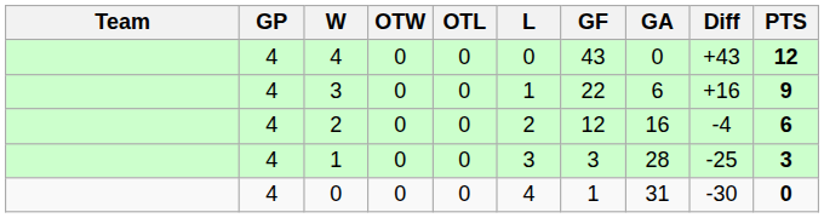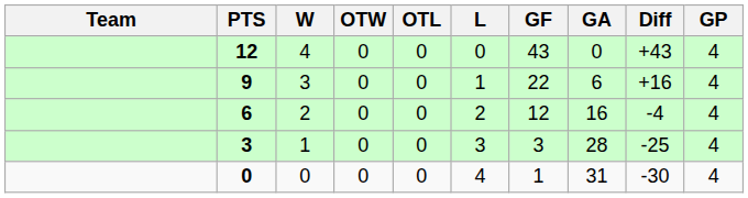 <table class="wikitable" style="text-align:center;">
 <tr>
 <th width=165>Team</th>
-<th width=40>GP</th>
+<th width=40>PTS</th>
 <th width=40>W</th>
 <th width=40>OTW</th>
 <th width=40>OTL</th>
 <th width=40>L</th>
 <th width=40>GF</th>
 <th width=40>GA</th>
 <th width=40>Diff</th>
-<th width=40>PTS</th>
+<th width=40>GP</th>
 </tr>
 <tr bgcolor=#ccffcc>
 <td style="text-align:left;"></td>
-<td>4</td>
+<td><strong>12</strong></td>
 <td>4</td>
 <td>0</td>
 <td>0</td>
 <td>0</td>
 <td>43</td>
 <td>0</td>
 <td>+43</td>
-<td><strong>12</strong></td>
+<td>4</td>
 </tr>
 <tr bgcolor=#ccffcc>
 <td style="text-align:left;"></td>
-<td>4</td>
+<td><strong>9</strong></td>
 <td>3</td>
 <td>0</td>
 <td>0</td>
 <td>1</td>
 <td>22</td>
 <td>6</td>
 <td>+16</td>
-<td><strong>9</strong></td>
+<td>4</td>
 </tr>
 <tr bgcolor=#ccffcc>
 <td style="text-align:left;"></td>
-<td>4</td>
+<td><strong>6</strong></td>
 <td>2</td>
 <td>0</td>
 <td>0</td>
 <td>2</td>
 <td>12</td>
 <td>16</td>
 <td>-4</td>
-<td><strong>6</strong></td>
+<td>4</td>
 </tr>
 <tr bgcolor=#ccffcc>
 <td style="text-align:left;"></td>
-<td>4</td>
+<td><strong>3</strong></td>
 <td>1</td>
 <td>0</td>
 <td>0</td>
 <td>3</td>
 <td>3</td>
 <td>28</td>
 <td>-25</td>
-<td><strong>3</strong></td>
+<td>4</td>
 </tr>
 <tr>
 <td style="text-align:left;"></td>
-<td>4</td>
+<td><strong>0</strong></td>
 <td>0</td>
 <td>0</td>
 <td>0</td>
 <td>4</td>
 <td>1</td>
 <td>31</td>
 <td>-30</td>
-<td><strong>0</strong></td>
+<td>4</td>
 </tr>
 </table>
